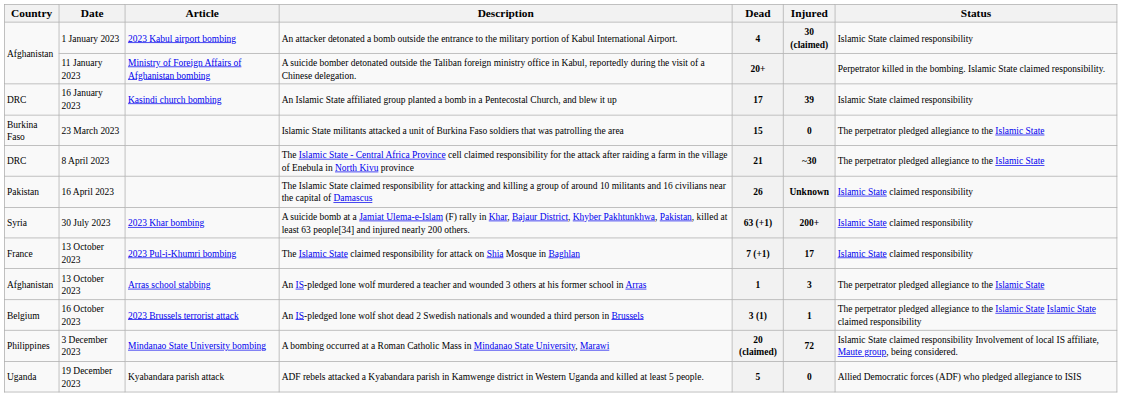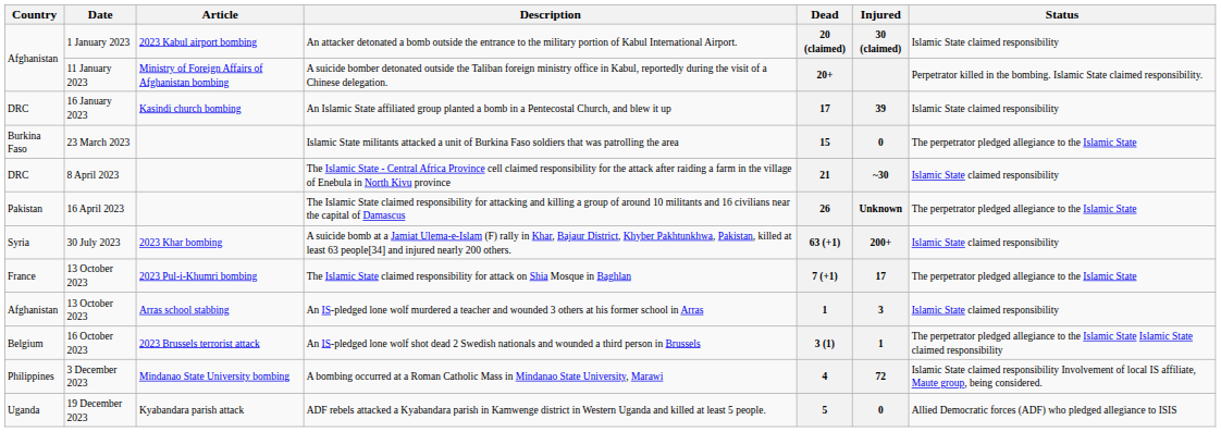 <table class="wikitable sortable">
 <tr>
 <th>Country</th>
 <th>Date</th>
 <th>Article</th>
 <th>Description</th>
 <th>Dead</th>
 <th>Injured</th>
 <th>Status</th>
 </tr>
 <tr>
 <td rowspan="2"><small>Afghanistan</small></td>
 <td><small>1 January 2023</small></td>
 <td><a href='#'><small>2023 Kabul airport bombing</small></a></td>
 <td><small>An attacker detonated a bomb outside the entrance to the military portion of Kabul International Airport.</small></td>
-<th><small>4</small></th>
+<th><small>20 (claimed)</small></th>
 <th><small>30 (claimed)</small></th>
 <td><small>Islamic State claimed responsibility</small></td>
 </tr>
 <tr>
 <td><small>11 January 2023</small></td>
 <td><a href='#'><small>Ministry of Foreign Affairs of Afghanistan bombing</small></a></td>
 <td><small>A suicide bomber detonated outside the Taliban foreign ministry office in Kabul, reportedly during the visit of a Chinese delegation.</small></td>
 <th><small>20+</small></th>
 <th></th>
 <td><small>Perpetrator killed in the bombing. Islamic State claimed responsibility.</small></td>
 </tr>
 <tr>
 <td><small>DRC</small></td>
 <td rowspan="1"><small>16 January 2023</small></td>
 <td><a href='#'><small>Kasindi church bombing</small></a></td>
 <td><small>An Islamic State affiliated group planted a bomb in a Pentecostal Church, and blew it up</small></td>
 <th><small>17</small></th>
 <th><small>39</small></th>
 <td><small>Islamic State claimed responsibility</small></td>
 </tr>
 <tr>
 <td><small>Burkina Faso</small></td>
 <td rowspan="1"><small>23 March 2023</small></td>
 <td></td>
 <td><small>Islamic State militants attacked a unit of Burkina Faso soldiers that was patrolling the area</small></td>
 <th><small>15</small></th>
 <th><small>0</small></th>
 <td><small>The perpetrator pledged allegiance to the <a href='#'>Islamic State</a></small></td>
 </tr>
 <tr>
 <td><small>DRC</small></td>
 <td rowspan="1"><small>8 April 2023</small></td>
 <td></td>
 <td><small>The <a href='#'>Islamic State - Central Africa Province</a> cell claimed responsibility for the attack after raiding a farm in the village of Enebula in <a href='#'>North Kivu</a> province</small></td>
 <th><small>21</small></th>
 <th><small>~30</small></th>
-<td><small>The perpetrator pledged allegiance to the <a href='#'>Islamic State</a></small></td>
+<td><small><a href='#'>Islamic State</a> claimed responsibility</small></td>
 </tr>
 <tr>
 <td><small>Pakistan</small></td>
 <td rowspan="1"><small>16 April 2023</small></td>
 <td></td>
 <td><small>The Islamic State claimed responsibility for attacking and killing a group of around 10 militants and 16 civilians near the capital of <a href='#'>Damascus</a></small></td>
 <th><small>26</small></th>
 <th><small>Unknown</small></th>
-<td><small><a href='#'>Islamic State</a> claimed responsibility</small></td>
+<td><small>The perpetrator pledged allegiance to the <a href='#'>Islamic State</a></small></td>
 </tr>
 <tr>
 <td><small>Syria</small></td>
 <td rowspan="1"><small>30 July 2023</small></td>
 <td><a href='#'><small>2023 Khar bombing</small></a></td>
 <td><small>A suicide bomb at a <a href='#'>Jamiat Ulema-e-Islam</a> (F) rally in <a href='#'>Khar</a>, <a href='#'>Bajaur District</a>, <a href='#'>Khyber Pakhtunkhwa</a>, <a href='#'>Pakistan</a>, killed at least 63 people[34] and injured nearly 200 others.</small></td>
 <th><small>63 (+1)</small></th>
 <th><small>200+</small></th>
 <td><small><a href='#'>Islamic State</a> claimed responsibility</small></td>
 </tr>
 <tr>
 <td><small>France</small></td>
 <td rowspan="1"><small>13 October 2023</small></td>
 <td><a href='#'><small>2023 Pul-i-Khumri bombing</small></a></td>
 <td><small>The <a href='#'>Islamic State</a> claimed responsibility for attack on <a href='#'>Shia</a> Mosque in <a href='#'>Baghlan</a></small></td>
 <th><small>7 (+1)</small></th>
 <th><small>17</small></th>
-<td><small><a href='#'>Islamic State</a> claimed responsibility</small></td>
+<td><small>The perpetrator pledged allegiance to the <a href='#'>Islamic State</a></small></td>
 </tr>
 <tr>
 <td><small>Afghanistan</small></td>
 <td rowspan="1"><small>13 October 2023</small></td>
 <td><a href='#'><small>Arras school stabbing</small></a></td>
 <td><small>An <a href='#'>IS</a>-pledged lone wolf murdered a teacher and wounded 3 others at his former school in <a href='#'>Arras</a></small></td>
 <th><small>1</small></th>
 <th><small>3</small></th>
-<td><small>The perpetrator pledged allegiance to the <a href='#'>Islamic State</a></small></td>
+<td><small><a href='#'>Islamic State</a> claimed responsibility</small></td>
 </tr>
 <tr>
 <td><small>Belgium</small></td>
 <td rowspan="1"><small>16 October 2023</small></td>
 <td><a href='#'><small>2023 Brussels terrorist attack</small></a></td>
 <td><small>An <a href='#'>IS</a>-pledged lone wolf shot dead 2 Swedish nationals and wounded a third person in <a href='#'>Brussels</a></small></td>
 <th><small>3 (1)</small></th>
 <th><small>1</small></th>
 <td><small>The perpetrator pledged allegiance to the <a href='#'>Islamic State</a> <a href='#'>Islamic State</a> claimed responsibility</small></td>
 </tr>
 <tr>
 <td><small>Philippines</small></td>
 <td><small>3 December 2023</small></td>
 <td><a href='#'><small>Mindanao State University bombing</small></a></td>
 <td><small>A bombing occurred at a Roman Catholic Mass in <a href='#'>Mindanao State University</a>, <a href='#'>Marawi</a></small></td>
-<th><small>20 (claimed)</small></th>
+<th><small>4</small></th>
 <th><small>72</small></th>
 <td><small>Islamic State claimed responsibility Involvement of local IS affiliate, <a href='#'>Maute group</a>, being considered.</small></td>
 </tr>
 <tr>
 <td><small>Uganda</small></td>
 <td><small>19 December 2023</small></td>
 <td><small>Kyabandara parish attack</small></td>
 <td><small>ADF rebels attacked a Kyabandara parish in Kamwenge district in Western Uganda and killed at least 5 people.</small></td>
 <th><small>5</small></th>
 <th><small>0</small></th>
 <td><small>Allied Democratic forces (ADF) who pledged allegiance to ISIS</small></td>
 </tr>
 </table>
